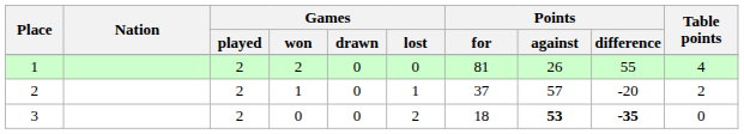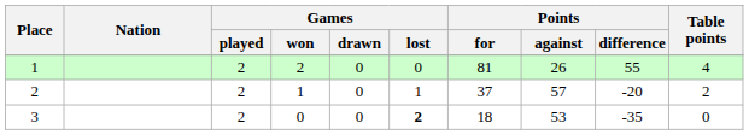 <table class="wikitable">
 <tr>
 <th rowspan=2 width="8%">Place</th>
 <th rowspan=2 width="20%">Nation</th>
 <th colspan=4 width="32%">Games</th>
 <th colspan=3 width="30%">Points</th>
 <th rowspan=2 width="10%">Table<br>points</th>
 </tr>
 <tr>
 <th width="8%">played</th>
 <th width="8%">won</th>
 <th width="8%">drawn</th>
 <th width="8%">lost</th>
 <th width="10%">for</th>
 <th width="10%">against</th>
 <th width="10%">difference</th>
 </tr>
 <tr>
 </tr>
 <tr bgcolor=#ccffcc align=center>
 <td>1</td>
 <td align=left><strong></strong></td>
 <td>2</td>
 <td>2</td>
 <td>0</td>
 <td>0</td>
 <td>81</td>
 <td>26</td>
 <td>55</td>
 <td>4</td>
 </tr>
 <tr bgcolor=#ffffff align=center>
 <td>2</td>
 <td align=left></td>
 <td>2</td>
 <td>1</td>
 <td>0</td>
 <td>1</td>
 <td>37</td>
 <td>57</td>
 <td>-20</td>
 <td>2</td>
 </tr>
 <tr bgcolor=#ffffff align=center>
 <td>3</td>
 <td align=left></td>
 <td>2</td>
 <td>0</td>
 <td>0</td>
-<td>2</td>
+<td><strong>2</strong></td>
 <td>18</td>
-<td><strong>53</strong></td>
-<td><strong>-35</strong></td>
+<td>53</td>
+<td>-35</td>
 <td>0</td>
 </tr>
 </table>
